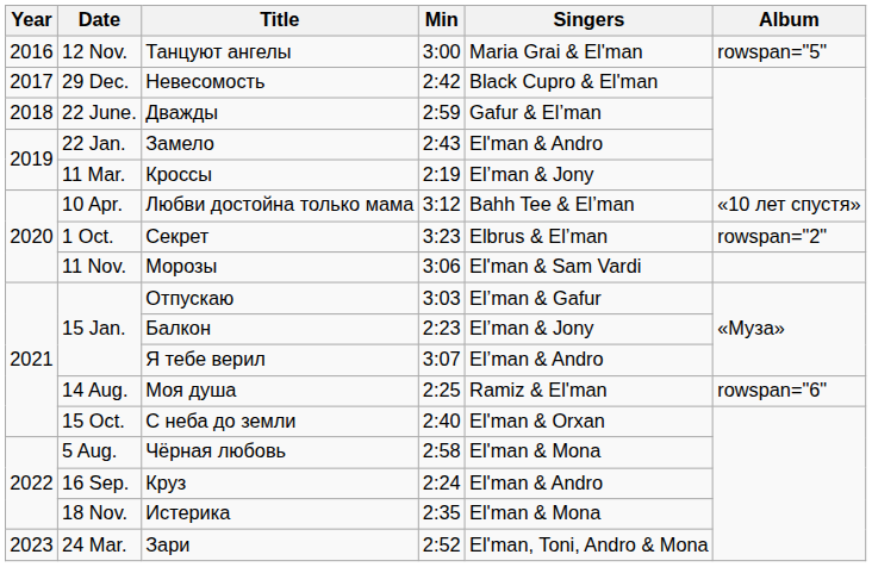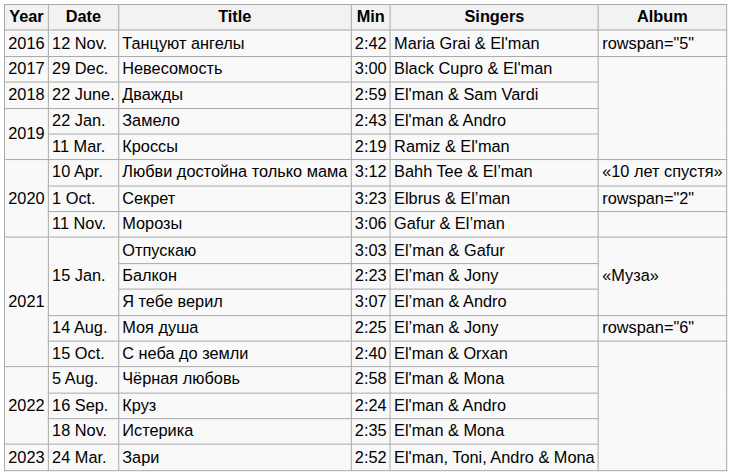 <table class="wikitable">
 <tr>
 <th>Year</th>
 <th>Date</th>
 <th>Title</th>
 <th>Min</th>
 <th>Singers</th>
 <th>Album</th>
 </tr>
 <tr>
 <td>2016</td>
 <td>12 Nov.</td>
 <td>Танцуют ангелы</td>
-<td>3:00</td>
+<td>2:42</td>
 <td>Maria Grai & El'man</td>
 <td>rowspan="5" </td>
 </tr>
 <tr>
 <td>2017</td>
 <td>29 Dec.</td>
 <td>Невесомость</td>
-<td>2:42</td>
+<td>3:00</td>
 <td>Black Cupro & El'man</td>
 </tr>
 <tr>
 <td>2018</td>
 <td>22 June.</td>
 <td>Дважды</td>
 <td>2:59</td>
-<td>Gafur & El’man</td>
+<td>El'man & Sam Vardi</td>
 </tr>
 <tr>
 <td rowspan="2">2019</td>
 <td>22 Jan.</td>
 <td>Замело</td>
 <td>2:43</td>
 <td>El'man & Andro</td>
 </tr>
 <tr>
 <td>11 Mar.</td>
 <td>Кроссы</td>
 <td>2:19</td>
-<td>El’man & Jony</td>
+<td>Ramiz & El'man</td>
 </tr>
 <tr>
 <td rowspan="3">2020</td>
 <td>10 Apr.</td>
 <td>Любви достойна только мама</td>
 <td>3:12</td>
 <td>Bahh Tee & El’man</td>
 <td>«10 лет спустя»</td>
 </tr>
 <tr>
 <td>1 Oct.</td>
 <td>Секрет</td>
 <td>3:23</td>
 <td>Elbrus & El’man</td>
 <td>rowspan="2" </td>
 </tr>
 <tr>
 <td>11 Nov.</td>
 <td>Морозы</td>
 <td>3:06</td>
-<td>El'man & Sam Vardi</td>
+<td>Gafur & El’man</td>
 </tr>
 <tr>
 <td rowspan="5">2021</td>
 <td rowspan="3">15 Jan.</td>
 <td>Отпускаю</td>
 <td>3:03</td>
 <td>El’man & Gafur</td>
 <td rowspan="3">«Муза»</td>
 </tr>
 <tr>
 <td>Балкон</td>
 <td>2:23</td>
 <td>El’man & Jony</td>
 </tr>
 <tr>
 <td>Я тебе верил</td>
 <td>3:07</td>
 <td>El’man & Andro</td>
 </tr>
 <tr>
 <td>14 Aug.</td>
 <td>Моя душа</td>
 <td>2:25</td>
-<td>Ramiz & El'man</td>
+<td>El’man & Jony</td>
 <td>rowspan="6" </td>
 </tr>
 <tr>
 <td>15 Oct.</td>
 <td>С неба до земли</td>
 <td>2:40</td>
 <td>El'man & Orxan</td>
 </tr>
 <tr>
 <td rowspan="3">2022</td>
 <td>5 Aug.</td>
 <td>Чёрная любовь</td>
 <td>2:58</td>
 <td>El'man & Mona</td>
 </tr>
 <tr>
 <td>16 Sep.</td>
 <td>Круз</td>
 <td>2:24</td>
 <td>El'man & Andro</td>
 </tr>
 <tr>
 <td>18 Nov.</td>
 <td>Истерика</td>
 <td>2:35</td>
 <td>El'man & Mona</td>
 </tr>
 <tr>
 <td>2023</td>
 <td>24 Mar.</td>
 <td>Зари</td>
 <td>2:52</td>
 <td>El'man, Toni, Andro & Mona</td>
 </tr>
 </table>
